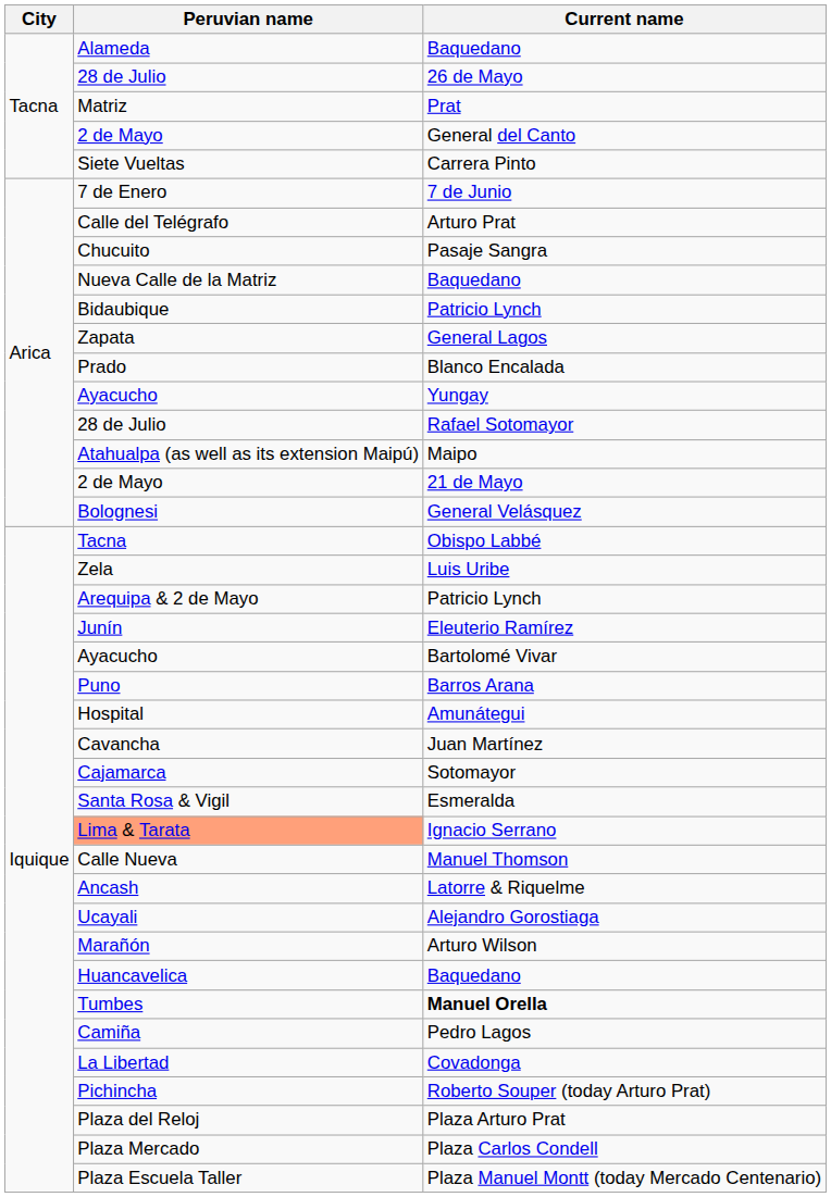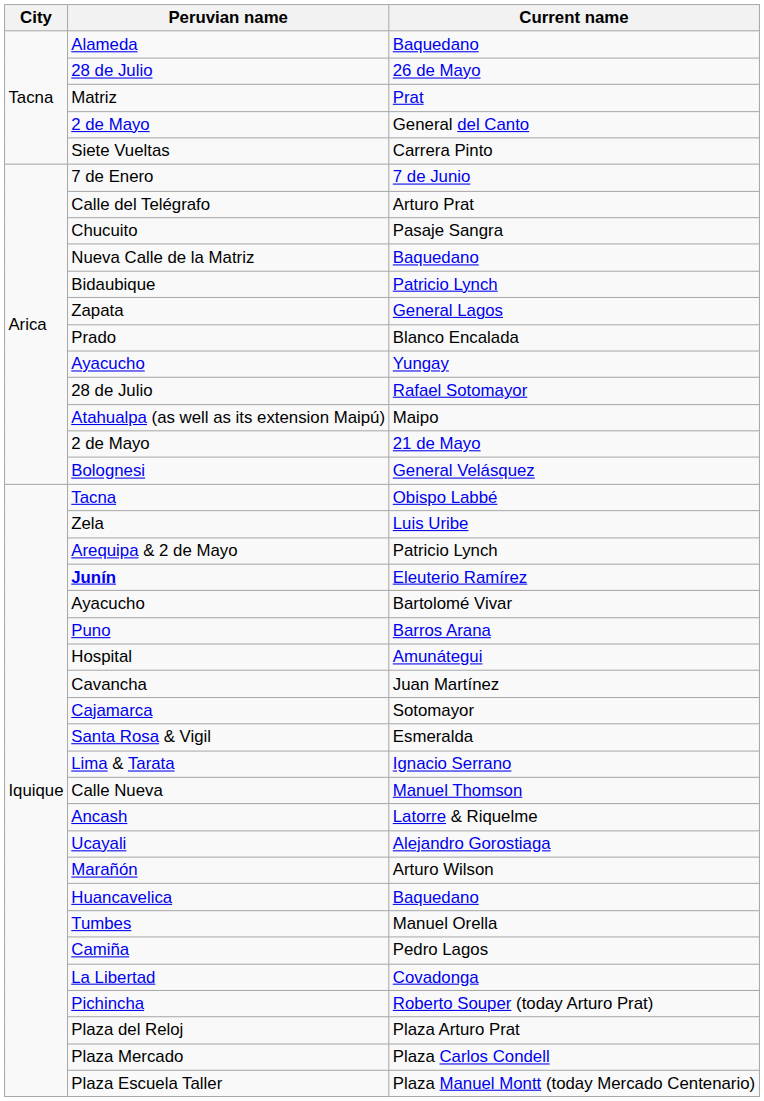 <table class=wikitable>
 <tr>
 <th>City</th>
 <th>Peruvian name</th>
 <th>Current name</th>
 </tr>
 <tr>
 <td rowspan=5>Tacna</td>
 <td><a href='#'>Alameda</a></td>
 <td><a href='#'>Baquedano</a></td>
 </tr>
 <tr>
 <td><a href='#'>28 de Julio</a></td>
 <td><a href='#'>26 de Mayo</a></td>
 </tr>
 <tr>
 <td>Matriz</td>
 <td><a href='#'>Prat</a></td>
 </tr>
 <tr>
 <td><a href='#'>2 de Mayo</a></td>
 <td>General <a href='#'>del Canto</a></td>
 </tr>
 <tr>
 <td>Siete Vueltas</td>
 <td>Carrera Pinto</td>
 </tr>
 <tr>
 <td rowspan=12>Arica</td>
 <td>7 de Enero</td>
 <td><a href='#'>7 de Junio</a></td>
 </tr>
 <tr>
 <td>Calle del Telégrafo</td>
 <td>Arturo Prat</td>
 </tr>
 <tr>
 <td>Chucuito</td>
 <td>Pasaje Sangra</td>
 </tr>
 <tr>
 <td>Nueva Calle de la Matriz</td>
 <td><a href='#'>Baquedano</a></td>
 </tr>
 <tr>
 <td>Bidaubique</td>
 <td><a href='#'>Patricio Lynch</a></td>
 </tr>
 <tr>
 <td>Zapata</td>
 <td><a href='#'>General Lagos</a></td>
 </tr>
 <tr>
 <td>Prado</td>
 <td>Blanco Encalada</td>
 </tr>
 <tr>
 <td><a href='#'>Ayacucho</a></td>
 <td><a href='#'>Yungay</a></td>
 </tr>
 <tr>
 <td>28 de Julio</td>
 <td><a href='#'>Rafael Sotomayor</a></td>
 </tr>
 <tr>
 <td><a href='#'>Atahualpa</a> (as well as its extension Maipú)</td>
 <td>Maipo</td>
 </tr>
 <tr>
 <td>2 de Mayo</td>
 <td><a href='#'>21 de Mayo</a></td>
 </tr>
 <tr>
 <td><a href='#'>Bolognesi</a></td>
 <td><a href='#'>General Velásquez</a></td>
 </tr>
 <tr>
 <td rowspan=23>Iquique</td>
 <td><a href='#'>Tacna</a></td>
 <td><a href='#'>Obispo Labbé</a></td>
 </tr>
 <tr>
 <td>Zela</td>
 <td><a href='#'>Luis Uribe</a></td>
 </tr>
 <tr>
 <td><a href='#'>Arequipa</a> & 2 de Mayo</td>
 <td>Patricio Lynch</td>
 </tr>
 <tr>
-<td><a href='#'>Junín</a></td>
+<td><strong><a href='#'>Junín</a></strong></td>
 <td><a href='#'>Eleuterio Ramírez</a></td>
 </tr>
 <tr>
 <td>Ayacucho</td>
 <td>Bartolomé Vivar</td>
 </tr>
 <tr>
 <td><a href='#'>Puno</a></td>
 <td><a href='#'>Barros Arana</a></td>
 </tr>
 <tr>
 <td>Hospital</td>
 <td><a href='#'>Amunátegui</a></td>
 </tr>
 <tr>
 <td>Cavancha</td>
 <td>Juan Martínez</td>
 </tr>
 <tr>
 <td><a href='#'>Cajamarca</a></td>
 <td>Sotomayor</td>
 </tr>
 <tr>
 <td><a href='#'>Santa Rosa</a> & Vigil</td>
 <td>Esmeralda</td>
 </tr>
 <tr>
-<td style="background: lightsalmon;"><a href='#'>Lima</a> & <a href='#'>Tarata</a></td>
+<td><a href='#'>Lima</a> & <a href='#'>Tarata</a></td>
 <td><a href='#'>Ignacio Serrano</a></td>
 </tr>
 <tr>
 <td>Calle Nueva</td>
 <td><a href='#'>Manuel Thomson</a></td>
 </tr>
 <tr>
 <td><a href='#'>Ancash</a></td>
 <td><a href='#'>Latorre</a> & Riquelme</td>
 </tr>
 <tr>
 <td><a href='#'>Ucayali</a></td>
 <td><a href='#'>Alejandro Gorostiaga</a></td>
 </tr>
 <tr>
 <td><a href='#'>Marañón</a></td>
 <td>Arturo Wilson</td>
 </tr>
 <tr>
 <td><a href='#'>Huancavelica</a></td>
 <td><a href='#'>Baquedano</a></td>
 </tr>
 <tr>
 <td><a href='#'>Tumbes</a></td>
-<td><strong>Manuel Orella</strong></td>
+<td>Manuel Orella</td>
 </tr>
 <tr>
 <td><a href='#'>Camiña</a></td>
 <td>Pedro Lagos</td>
 </tr>
 <tr>
 <td><a href='#'>La Libertad</a></td>
 <td><a href='#'>Covadonga</a></td>
 </tr>
 <tr>
 <td><a href='#'>Pichincha</a></td>
 <td><a href='#'>Roberto Souper</a> (today Arturo Prat)</td>
 </tr>
 <tr>
 <td>Plaza del Reloj</td>
 <td>Plaza Arturo Prat</td>
 </tr>
 <tr>
 <td>Plaza Mercado</td>
 <td>Plaza <a href='#'>Carlos Condell</a></td>
 </tr>
 <tr>
 <td>Plaza Escuela Taller</td>
 <td>Plaza <a href='#'>Manuel Montt</a> (today Mercado Centenario)</td>
 </tr>
 <tr>
 </tr>
 </table>
